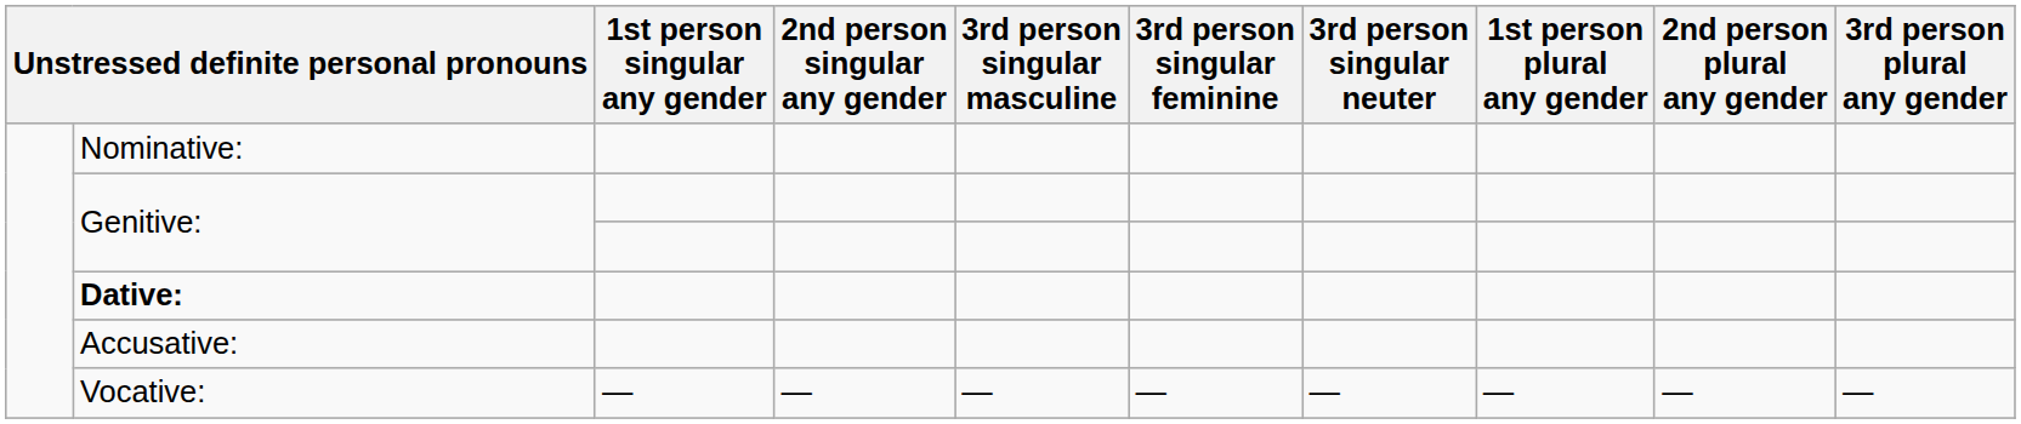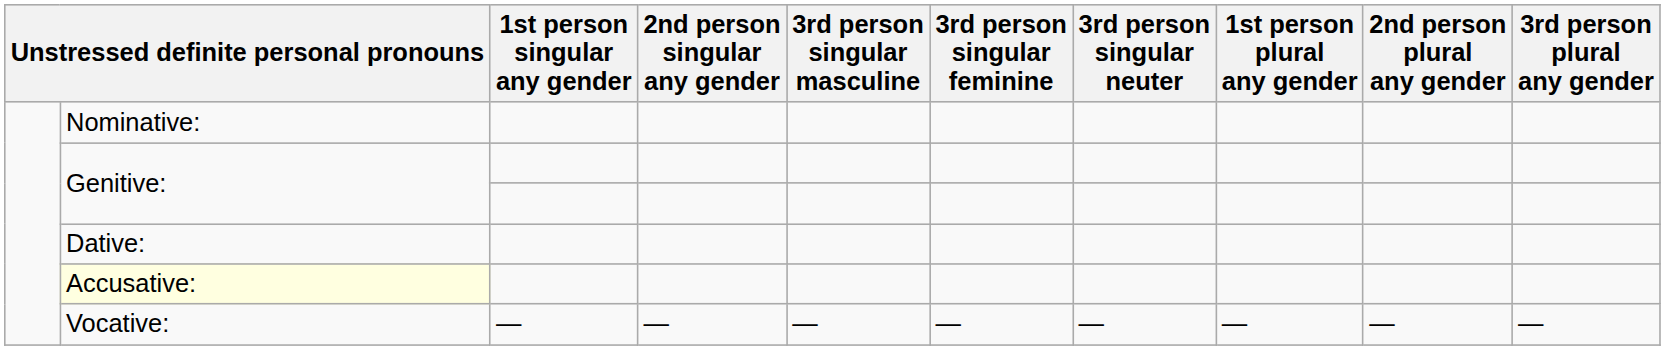 <table class="wikitable">
 <tr>
 <th colspan="2"><strong>Unstressed definite personal pronouns</strong></th>
 <th>1st person<br>singular<br>any gender</th>
 <th>2nd person<br>singular<br>any gender</th>
 <th>3rd person<br>singular<br>masculine</th>
 <th>3rd person<br>singular<br>feminine</th>
 <th>3rd person<br>singular<br>neuter</th>
 <th>1st person<br>plural<br>any gender</th>
 <th>2nd person<br>plural<br>any gender</th>
 <th>3rd person<br>plural<br>any gender</th>
 </tr>
 <tr>
 <td rowspan="6" style="width:5en"> </td>
 <td>Nominative:</td>
 <td><em></em></td>
 <td><em></em></td>
 <td><em></em></td>
 <td><em></em></td>
 <td><em></em></td>
 <td><em></em></td>
 <td><em></em></td>
 <td><em></em></td>
 </tr>
 <tr>
 <td rowspan="2">Genitive:</td>
 <td><em></em> <br> <em></em></td>
 <td><em></em> <br> <em></em></td>
 <td><em></em> <br> <em></em></td>
 <td><em></em></td>
 <td><em></em> <br> <em></em></td>
 <td><em></em> <br> <em></em></td>
 <td><em></em></td>
 <td><em></em></td>
 </tr>
 <tr>
 <td><em></em><br><em></em></td>
 <td><em></em></td>
 <td><em></em></td>
 <td><em></em></td>
 <td><em></em></td>
 <td><em></em></td>
 <td><em></em></td>
 <td><em></em></td>
 </tr>
 <tr>
-<td><strong>Dative:</strong></td>
+<td>Dative:</td>
 <td><em></em></td>
 <td><em></em></td>
 <td><em></em></td>
 <td><em></em></td>
 <td><em></em></td>
 <td><em></em></td>
 <td><em></em></td>
 <td><em></em></td>
 </tr>
 <tr>
-<td>Accusative:</td>
+<td style="background: lightyellow;">Accusative:</td>
 <td><em></em></td>
 <td><em></em></td>
 <td><em></em></td>
 <td><em></em></td>
 <td><em></em></td>
 <td><em></em></td>
 <td><em></em></td>
 <td><em></em></td>
 </tr>
 <tr>
 <td>Vocative:</td>
 <td>—</td>
 <td>—</td>
 <td>—</td>
 <td>—</td>
 <td>—</td>
 <td>—</td>
 <td>—</td>
 <td>—</td>
 </tr>
 </table>
